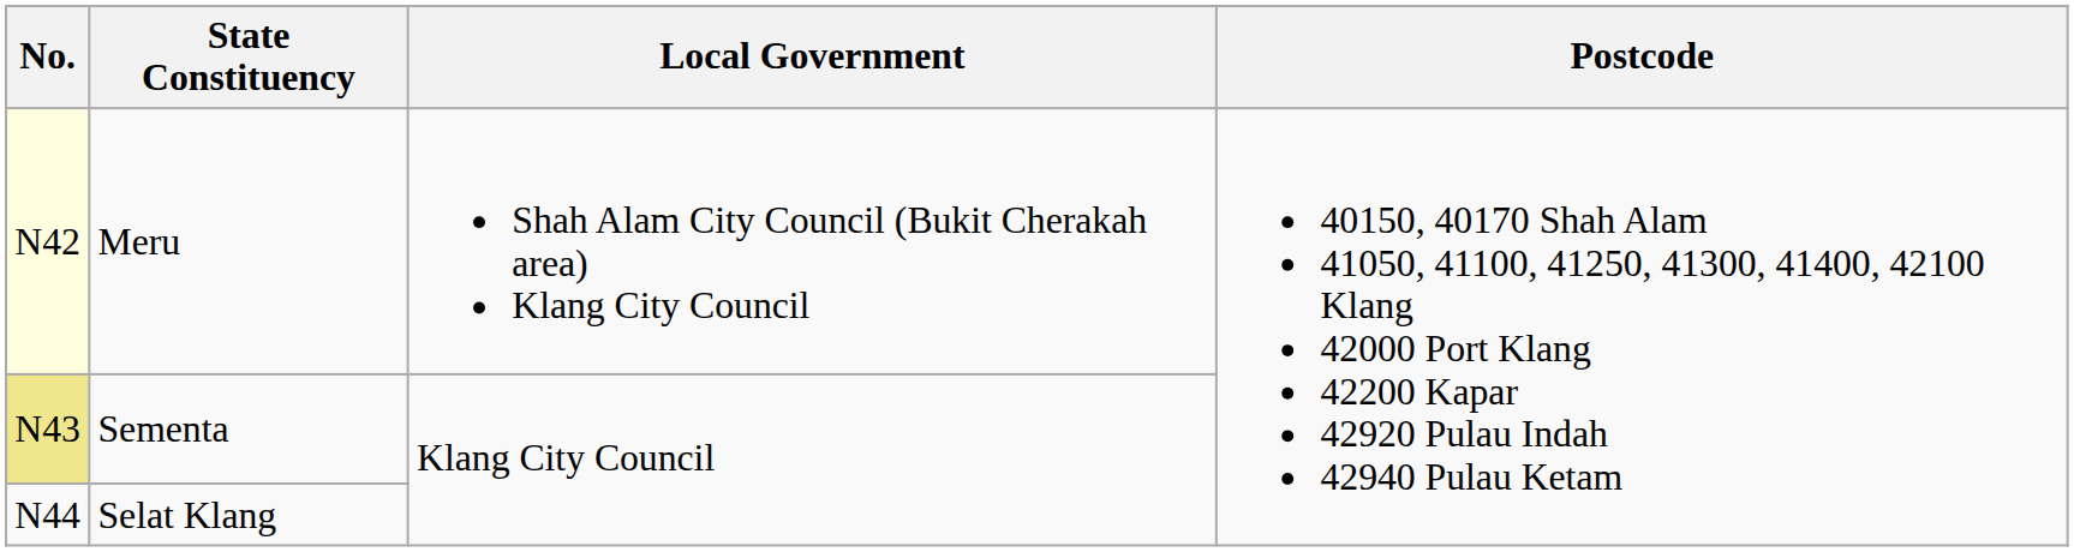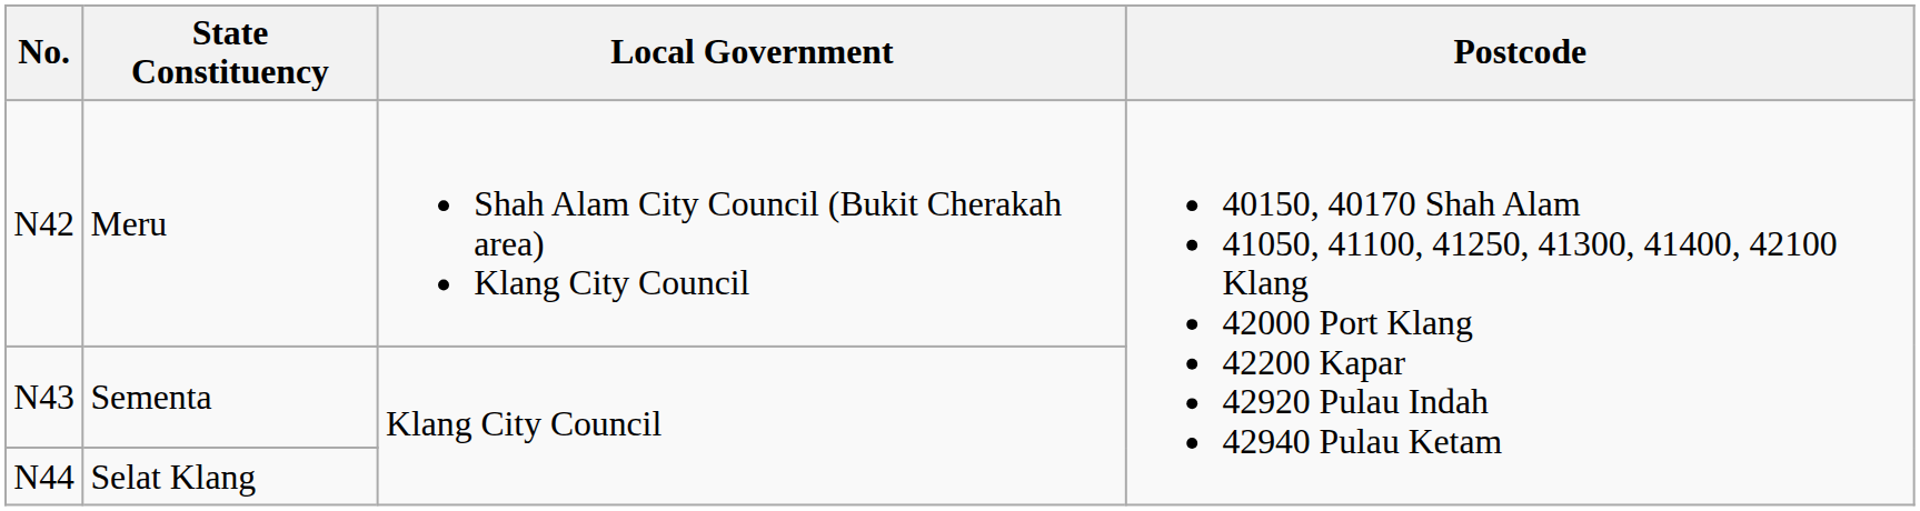 <table class="wikitable">
 <tr>
 <th>No.</th>
 <th>State Constituency</th>
 <th>Local Government</th>
 <th>Postcode</th>
 </tr>
 <tr>
-<td style="background: lightyellow;">N42</td>
+<td>N42</td>
 <td>Meru</td>
 <td><br><ul><li>Shah Alam City Council (Bukit Cherakah area)</li><li>Klang City Council</li></ul></td>
 <td rowspan="3"><br><ul><li>40150, 40170 Shah Alam</li><li>41050, 41100, 41250, 41300, 41400, 42100 Klang</li><li>42000 Port Klang</li><li>42200 Kapar</li><li>42920 Pulau Indah</li><li>42940 Pulau Ketam</li></ul></td>
 </tr>
 <tr>
-<td style="background: khaki;">N43</td>
+<td>N43</td>
 <td>Sementa</td>
 <td rowspan="2">Klang City Council</td>
 </tr>
 <tr>
 <td>N44</td>
 <td>Selat Klang</td>
 </tr>
 </table>
